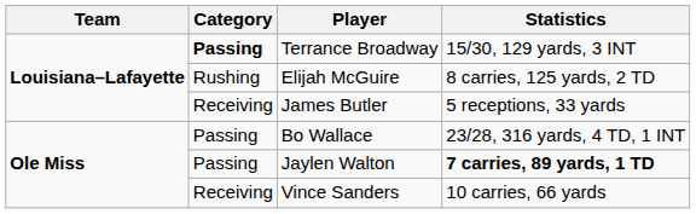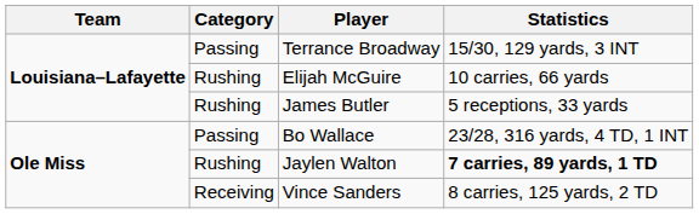 <table class="wikitable" style="float: right;">
 <tr>
 <th>Team</th>
 <th>Category</th>
 <th>Player</th>
 <th>Statistics</th>
 </tr>
 <tr>
 <td rowspan=3><strong>Louisiana–Lafayette</strong></td>
-<td><strong>Passing</strong></td>
+<td>Passing</td>
 <td>Terrance Broadway</td>
 <td>15/30, 129 yards, 3 INT</td>
 </tr>
 <tr>
 <td>Rushing</td>
 <td>Elijah McGuire</td>
-<td>8 carries, 125 yards, 2 TD</td>
+<td>10 carries, 66 yards</td>
 </tr>
 <tr>
-<td>Receiving</td>
+<td>Rushing</td>
 <td>James Butler</td>
 <td>5 receptions, 33 yards</td>
 </tr>
 <tr>
 <td rowspan=3><strong>Ole Miss</strong></td>
 <td>Passing</td>
 <td>Bo Wallace</td>
 <td>23/28, 316 yards, 4 TD, 1 INT</td>
 </tr>
 <tr>
-<td>Passing</td>
+<td>Rushing</td>
 <td>Jaylen Walton</td>
 <td><strong>7 carries, 89 yards, 1 TD</strong></td>
 </tr>
 <tr>
 <td>Receiving</td>
 <td>Vince Sanders</td>
-<td>10 carries, 66 yards</td>
+<td>8 carries, 125 yards, 2 TD</td>
 </tr>
 </table>
